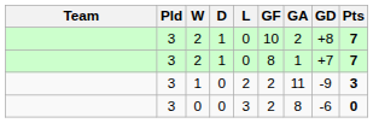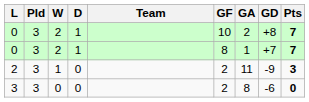 <table class="wikitable" style="text-align: center;">
 <tr>
-<th width=165>Team</th>
+<th width=20>L</th>
 <th width=20>Pld</th>
 <th width=20>W</th>
 <th width=20>D</th>
-<th width=20>L</th>
+<th width=165>Team</th>
 <th width=20>GF</th>
 <th width=20>GA</th>
 <th width=20>GD</th>
 <th width=20>Pts</th>
 </tr>
 <tr bgcolor=ccffcc>
-<td align="left"></td>
+<td>0</td>
 <td>3</td>
 <td>2</td>
 <td>1</td>
-<td>0</td>
+<td align="left"></td>
 <td>10</td>
 <td>2</td>
 <td>+8</td>
 <td><strong>7</strong></td>
 </tr>
 <tr bgcolor=ccffcc>
-<td align="left"></td>
+<td>0</td>
 <td>3</td>
 <td>2</td>
 <td>1</td>
-<td>0</td>
+<td align="left"></td>
 <td>8</td>
 <td>1</td>
 <td>+7</td>
 <td><strong>7</strong></td>
 </tr>
 <tr>
-<td align="left"></td>
+<td>2</td>
 <td>3</td>
 <td>1</td>
 <td>0</td>
-<td>2</td>
+<td align="left"></td>
 <td>2</td>
 <td>11</td>
 <td>-9</td>
 <td><strong>3</strong></td>
 </tr>
 <tr>
-<td align="left"></td>
+<td>3</td>
 <td>3</td>
 <td>0</td>
 <td>0</td>
-<td>3</td>
+<td align="left"></td>
 <td>2</td>
 <td>8</td>
 <td>-6</td>
 <td><strong>0</strong></td>
 </tr>
 </table>
